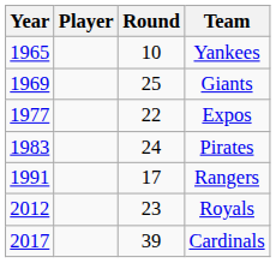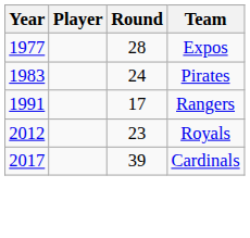 <table class="wikitable sortable">
 <tr>
 <th width=px>Year</th>
 <th width=px>Player</th>
 <th width=px>Round</th>
 <th width=px>Team</th>
 </tr>
 <tr>
-<td align="center"><a href='#'>1965</a></td>
-<td align="center"></td>
-<td align="center">10</td>
-<td align="center"><a href='#'>Yankees</a></td>
-</tr>
-<tr>
-<td align="center"><a href='#'>1969</a></td>
-<td align="center"></td>
-<td align="center">25</td>
-<td align="center"><a href='#'>Giants</a></td>
-</tr>
-<tr>
 <td align="center"><a href='#'>1977</a></td>
 <td align="center"></td>
-<td align="center">22</td>
+<td align="center">28</td>
 <td align="center"><a href='#'>Expos</a></td>
 </tr>
 <tr>
 <td align="center"><a href='#'>1983</a></td>
 <td align="center"></td>
 <td align="center">24</td>
 <td align="center"><a href='#'>Pirates</a></td>
 </tr>
 <tr>
 <td align="center"><a href='#'>1991</a></td>
 <td align="center"></td>
 <td align="center">17</td>
 <td align="center"><a href='#'>Rangers</a></td>
 </tr>
 <tr>
 <td align="center"><a href='#'>2012</a></td>
 <td align="center"></td>
 <td align="center">23</td>
 <td align="center"><a href='#'>Royals</a></td>
 </tr>
 <tr valign="center">
 <td align="center"><a href='#'>2017</a></td>
 <td align="center"></td>
 <td align="center">39</td>
 <td align="center"><a href='#'>Cardinals</a></td>
 </tr>
 </table>
